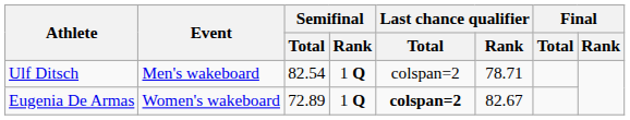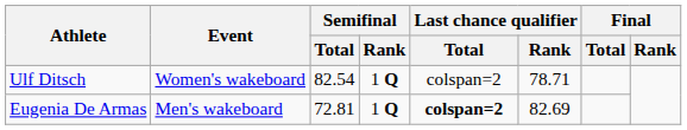 <table class="wikitable" border="1" style="font-size:90%">
 <tr>
 <th rowspan=2>Athlete</th>
 <th rowspan=2>Event</th>
 <th colspan=2>Semifinal</th>
 <th colspan=2>Last chance qualifier</th>
 <th colspan=2>Final</th>
 </tr>
 <tr>
 <th>Total</th>
 <th>Rank</th>
 <th>Total</th>
 <th>Rank</th>
 <th>Total</th>
 <th>Rank</th>
 </tr>
 <tr style="text-align:center">
 <td style="text-align:left"><a href='#'>Ulf Ditsch</a></td>
-<td style="text-align:left"><a href='#'>Men's wakeboard</a></td>
+<td style="text-align:left"><a href='#'>Women's wakeboard</a></td>
 <td style="text-align:center">82.54</td>
 <td style="text-align:center">1 <strong>Q</strong></td>
 <td>colspan=2 </td>
 <td>78.71</td>
 <td></td>
 </tr>
 <tr style="text-align:center">
 <td style="text-align:left"><a href='#'>Eugenia De Armas</a></td>
-<td style="text-align:left"><a href='#'>Women's wakeboard</a></td>
-<td style="text-align:center">72.89</td>
+<td style="text-align:left"><a href='#'>Men's wakeboard</a></td>
+<td style="text-align:center">72.81</td>
 <td style="text-align:center">1 <strong>Q</strong></td>
 <td><strong>colspan=2 </strong></td>
-<td>82.67</td>
+<td>82.69</td>
 <td></td>
 </tr>
 </table>
